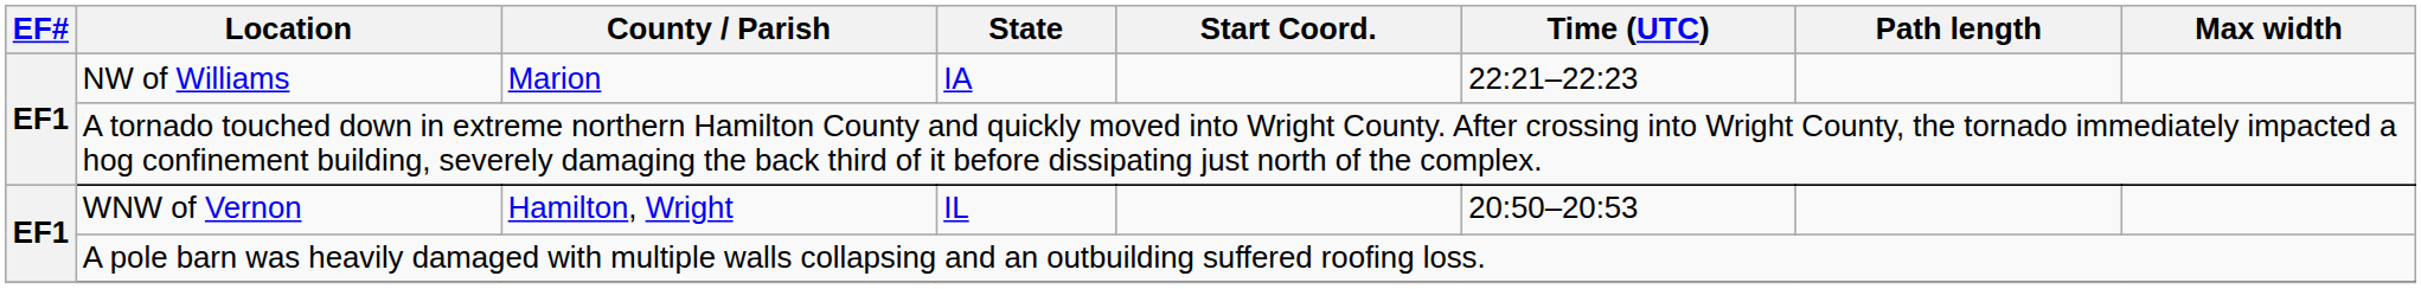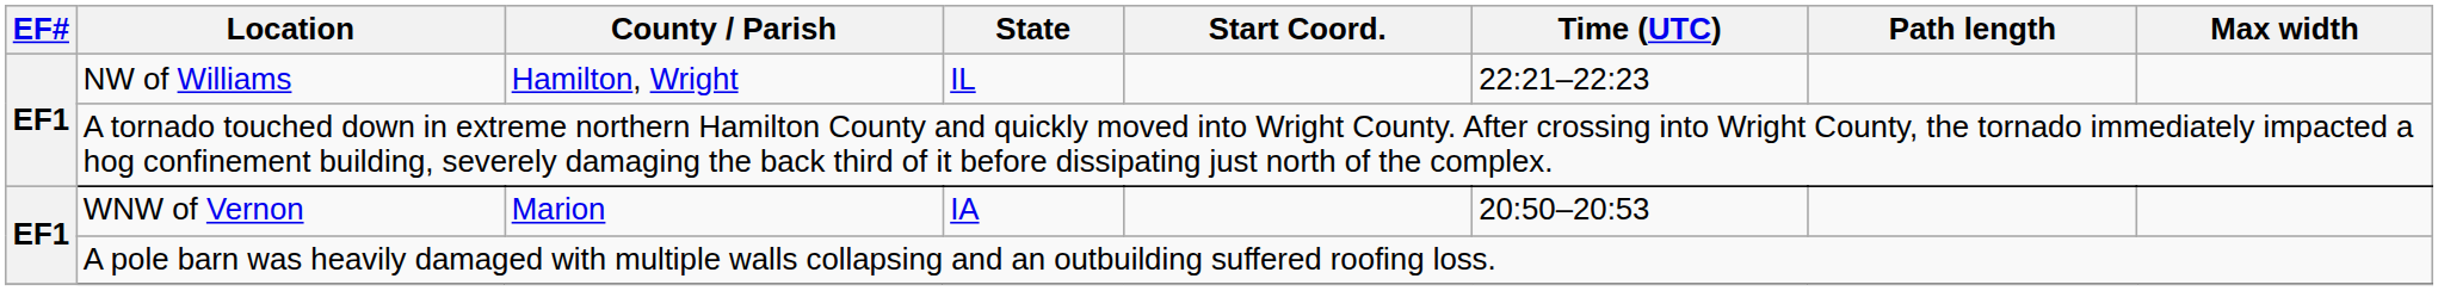 <table class="wikitable sortable" style="width:100%;">
 <tr>
 <th scope="col" width="2%" align="center"><a href='#'>EF#</a></th>
 <th scope="col" align="center" class="unsortable">Location</th>
 <th scope="col" align="center" class="unsortable">County / Parish</th>
 <th scope="col" align="center">State</th>
 <th scope="col" align="center">Start Coord.</th>
 <th scope="col" align="center">Time (<a href='#'>UTC</a>)</th>
 <th scope="col" align="center">Path length</th>
 <th scope="col" align="center">Max width</th>
 </tr>
 <tr>
 <th scope="row" rowspan="2" style="background-color:#">EF1</th>
 <td>NW of <a href='#'>Williams</a></td>
-<td><a href='#'>Marion</a></td>
-<td><a href='#'>IA</a></td>
+<td><a href='#'>Hamilton</a>, <a href='#'>Wright</a></td>
+<td><a href='#'>IL</a></td>
 <td></td>
 <td>22:21–22:23</td>
 <td></td>
 <td></td>
 </tr>
 <tr class="expand-child">
 <td colspan="8" style=" border-bottom: 1px solid black;">A tornado touched down in extreme northern Hamilton County and quickly moved into Wright County. After crossing into Wright County, the tornado immediately impacted a hog confinement building, severely damaging the back third of it before dissipating just north of the complex.</td>
 </tr>
 <tr>
 <th scope="row" rowspan="2" style="background-color:#">EF1</th>
 <td>WNW of <a href='#'>Vernon</a></td>
-<td><a href='#'>Hamilton</a>, <a href='#'>Wright</a></td>
-<td><a href='#'>IL</a></td>
+<td><a href='#'>Marion</a></td>
+<td><a href='#'>IA</a></td>
 <td></td>
 <td>20:50–20:53</td>
 <td></td>
 <td></td>
 </tr>
 <tr class="expand-child">
 <td colspan="8" style=" border-bottom: 1px solid black;">A pole barn was heavily damaged with multiple walls collapsing and an outbuilding suffered roofing loss.</td>
 </tr>
 <tr>
 </tr>
 </table>
